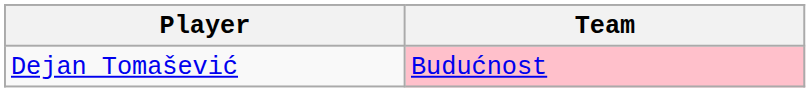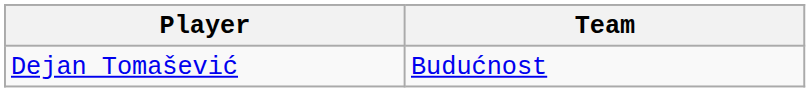 <table class="wikitable" style="text-align:left">
 <tr>
 <th style="width:200px;">Player</th>
 <th style="width:200px;">Team</th>
 </tr>
 <tr>
 <td> <a href='#'>Dejan Tomašević</a></td>
-<td style="background: pink;"> <a href='#'>Budućnost</a></td>
+<td> <a href='#'>Budućnost</a></td>
 </tr>
 </table>
